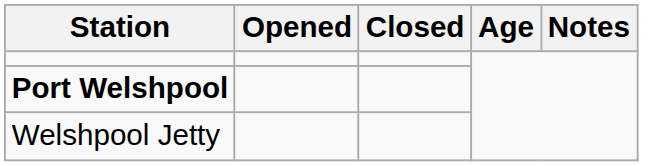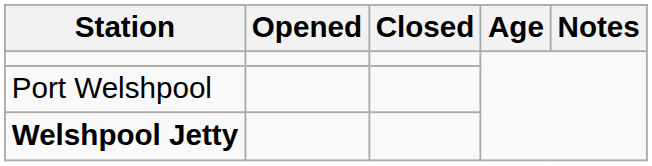 <table class="wikitable sortable">
 <tr>
 <th>Station</th>
 <th>Opened</th>
 <th>Closed</th>
 <th>Age</th>
 <th scope=col class=unsortable>Notes</th>
 </tr>
 <tr>
 <td></td>
 <td></td>
 <td></td>
 </tr>
 <tr>
-<td><strong>Port Welshpool</strong></td>
+<td>Port Welshpool</td>
 <td></td>
 <td></td>
 </tr>
 <tr>
-<td>Welshpool Jetty</td>
+<td><strong>Welshpool Jetty</strong></td>
 <td></td>
 <td></td>
 </tr>
 </table>
